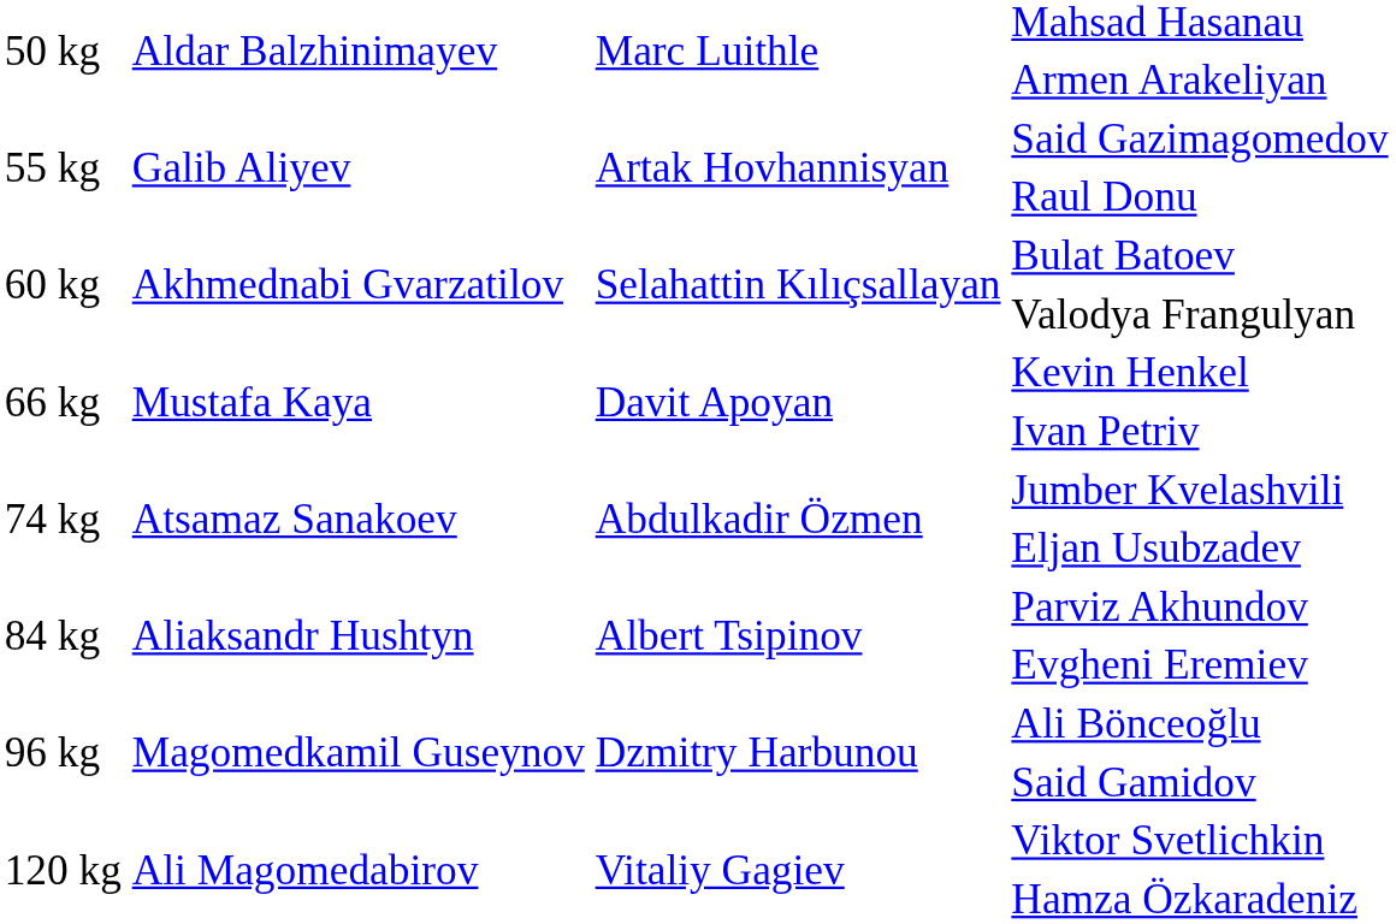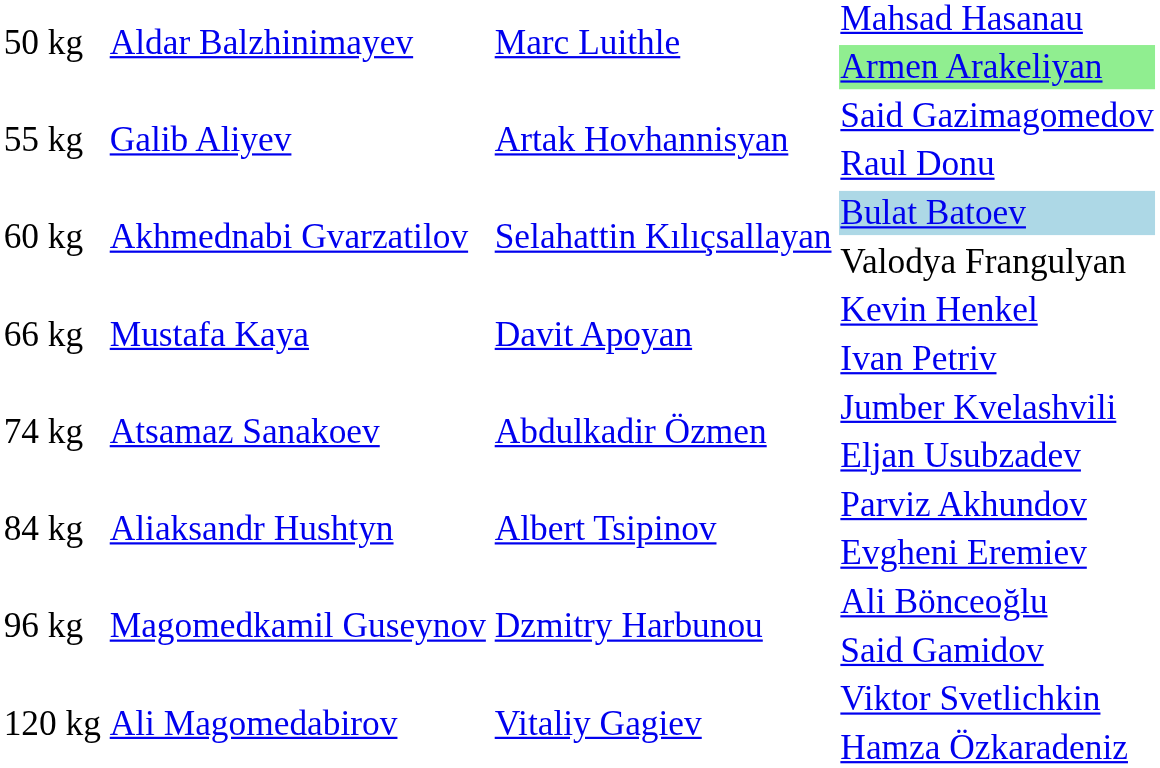 <table>
 <tr>
 <td rowspan=2>50 kg</td>
 <td rowspan=2> <a href='#'>Aldar Balzhinimayev</a></td>
 <td rowspan=2> <a href='#'>Marc Luithle</a></td>
 <td> <a href='#'>Mahsad Hasanau</a></td>
 </tr>
 <tr>
-<td><a href='#'>Armen Arakeliyan</a></td>
+<td style="background: lightgreen;"><a href='#'>Armen Arakeliyan</a></td>
 </tr>
 <tr>
 <td rowspan=2>55 kg</td>
 <td rowspan=2> <a href='#'>Galib Aliyev</a></td>
 <td rowspan=2> <a href='#'>Artak Hovhannisyan</a></td>
 <td> <a href='#'>Said Gazimagomedov</a></td>
 </tr>
 <tr>
 <td> <a href='#'>Raul Donu</a></td>
 </tr>
 <tr>
 <td rowspan=2>60 kg</td>
 <td rowspan=2> <a href='#'>Akhmednabi Gvarzatilov</a></td>
 <td rowspan=2> <a href='#'>Selahattin Kılıçsallayan</a></td>
-<td> <a href='#'>Bulat Batoev</a></td>
+<td style="background: lightblue;"> <a href='#'>Bulat Batoev</a></td>
 </tr>
 <tr>
 <td> Valodya Frangulyan</td>
 </tr>
 <tr>
 <td rowspan=2>66 kg</td>
 <td rowspan=2> <a href='#'>Mustafa Kaya</a></td>
 <td rowspan=2> <a href='#'>Davit Apoyan</a></td>
 <td> <a href='#'>Kevin Henkel</a></td>
 </tr>
 <tr>
 <td> <a href='#'>Ivan Petriv</a></td>
 </tr>
 <tr>
 <td rowspan=2>74 kg</td>
 <td rowspan=2> <a href='#'>Atsamaz Sanakoev</a></td>
 <td rowspan=2> <a href='#'>Abdulkadir Özmen</a></td>
 <td> <a href='#'>Jumber Kvelashvili</a></td>
 </tr>
 <tr>
 <td> <a href='#'>Eljan Usubzadev</a></td>
 </tr>
 <tr>
 <td rowspan=2>84 kg</td>
 <td rowspan=2> <a href='#'>Aliaksandr Hushtyn</a></td>
 <td rowspan=2> <a href='#'>Albert Tsipinov</a></td>
 <td> <a href='#'>Parviz Akhundov</a></td>
 </tr>
 <tr>
 <td> <a href='#'>Evgheni Eremiev</a></td>
 </tr>
 <tr>
 <td rowspan=2>96 kg</td>
 <td rowspan=2> <a href='#'>Magomedkamil Guseynov</a></td>
 <td rowspan=2> <a href='#'>Dzmitry Harbunou</a></td>
 <td> <a href='#'>Ali Bönceoğlu</a></td>
 </tr>
 <tr>
 <td> <a href='#'>Said Gamidov</a></td>
 </tr>
 <tr>
 <td rowspan=2>120 kg</td>
 <td rowspan=2> <a href='#'>Ali Magomedabirov</a></td>
 <td rowspan=2> <a href='#'>Vitaliy Gagiev</a></td>
 <td> <a href='#'>Viktor Svetlichkin</a></td>
 </tr>
 <tr>
 <td> <a href='#'>Hamza Özkaradeniz</a></td>
 </tr>
 </table>
